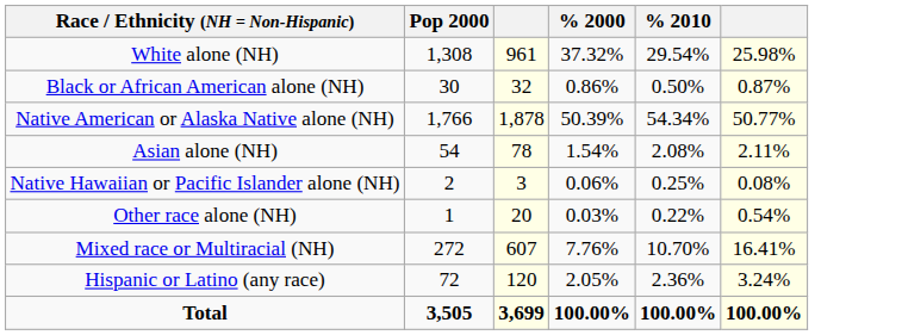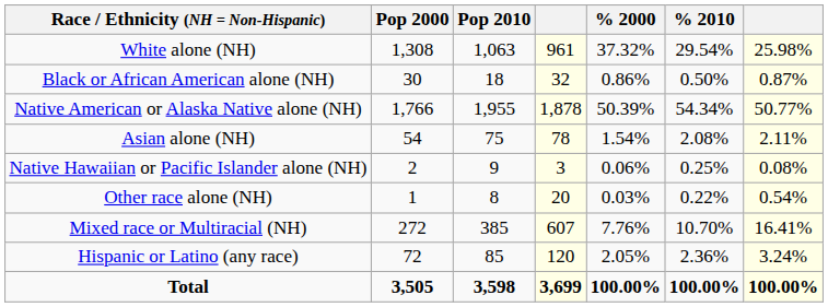 <table class="wikitable" style="text-align:center;">
 <tr>
 <th>Race / Ethnicity <small>(<em>NH = Non-Hispanic</em>)</small></th>
 <th>Pop 2000</th>
+<th>Pop 2010</th>
 <th></th>
 <th>% 2000</th>
 <th>% 2010</th>
 <th></th>
 </tr>
 <tr>
 <td><a href='#'>White</a> alone (NH)</td>
 <td>1,308</td>
+<td>1,063</td>
 <td style='background: #ffffe6;'>961</td>
 <td>37.32%</td>
 <td>29.54%</td>
 <td style='background: #ffffe6;'>25.98%</td>
 </tr>
 <tr>
 <td><a href='#'>Black or African American</a> alone (NH)</td>
 <td>30</td>
+<td>18</td>
 <td style='background: #ffffe6;'>32</td>
 <td>0.86%</td>
 <td>0.50%</td>
 <td style='background: #ffffe6;'>0.87%</td>
 </tr>
 <tr>
 <td><a href='#'>Native American</a> or <a href='#'>Alaska Native</a> alone (NH)</td>
 <td>1,766</td>
+<td>1,955</td>
 <td style='background: #ffffe6;'>1,878</td>
 <td>50.39%</td>
 <td>54.34%</td>
 <td style='background: #ffffe6;'>50.77%</td>
 </tr>
 <tr>
 <td><a href='#'>Asian</a> alone (NH)</td>
 <td>54</td>
+<td>75</td>
 <td style='background: #ffffe6;'>78</td>
 <td>1.54%</td>
 <td>2.08%</td>
 <td style='background: #ffffe6;'>2.11%</td>
 </tr>
 <tr>
 <td><a href='#'>Native Hawaiian</a> or <a href='#'>Pacific Islander</a> alone (NH)</td>
 <td>2</td>
+<td>9</td>
 <td style='background: #ffffe6;'>3</td>
 <td>0.06%</td>
 <td>0.25%</td>
 <td style='background: #ffffe6;'>0.08%</td>
 </tr>
 <tr>
 <td><a href='#'>Other race</a> alone (NH)</td>
 <td>1</td>
+<td>8</td>
 <td style='background: #ffffe6;'>20</td>
 <td>0.03%</td>
 <td>0.22%</td>
 <td style='background: #ffffe6;'>0.54%</td>
 </tr>
 <tr>
 <td><a href='#'>Mixed race or Multiracial</a> (NH)</td>
 <td>272</td>
+<td>385</td>
 <td style='background: #ffffe6;'>607</td>
 <td>7.76%</td>
 <td>10.70%</td>
 <td style='background: #ffffe6;'>16.41%</td>
 </tr>
 <tr>
 <td><a href='#'>Hispanic or Latino</a> (any race)</td>
 <td>72</td>
+<td>85</td>
 <td style='background: #ffffe6;'>120</td>
 <td>2.05%</td>
 <td>2.36%</td>
 <td style='background: #ffffe6;'>3.24%</td>
 </tr>
 <tr>
 <td><strong>Total</strong></td>
 <td><strong>3,505</strong></td>
+<td><strong>3,598</strong></td>
 <td style='background: #ffffe6;'><strong>3,699</strong></td>
 <td><strong>100.00%</strong></td>
 <td><strong>100.00%</strong></td>
 <td style='background: #ffffe6;'><strong>100.00%</strong></td>
 </tr>
 </table>
